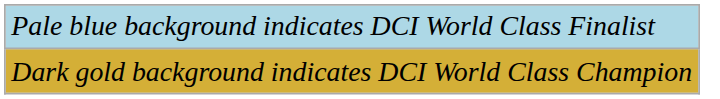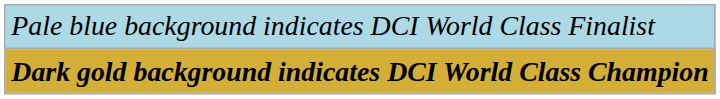 <table class="wikitable" style="font-size:100%;">
 <tr>
 <td style="background-color:#add8e6"><em>Pale blue background indicates DCI World Class Finalist</em></td>
 </tr>
 <tr>
-<td style="background-color:#d4af37"><em>Dark gold background indicates DCI World Class Champion</em></td>
+<td style="background-color:#d4af37"><strong><em>Dark gold background indicates DCI World Class Champion</em></strong></td>
 </tr>
 </table>
